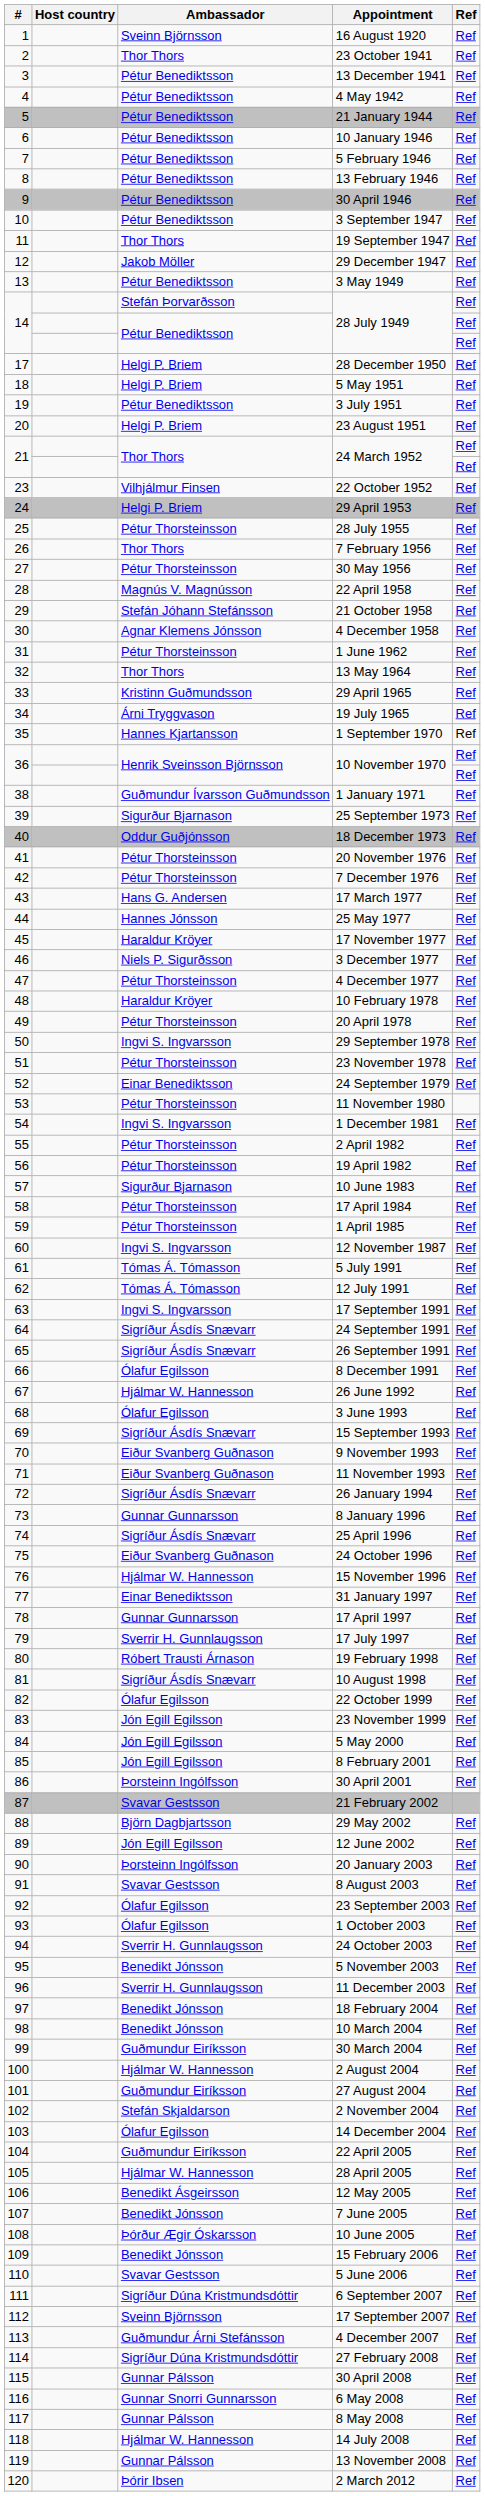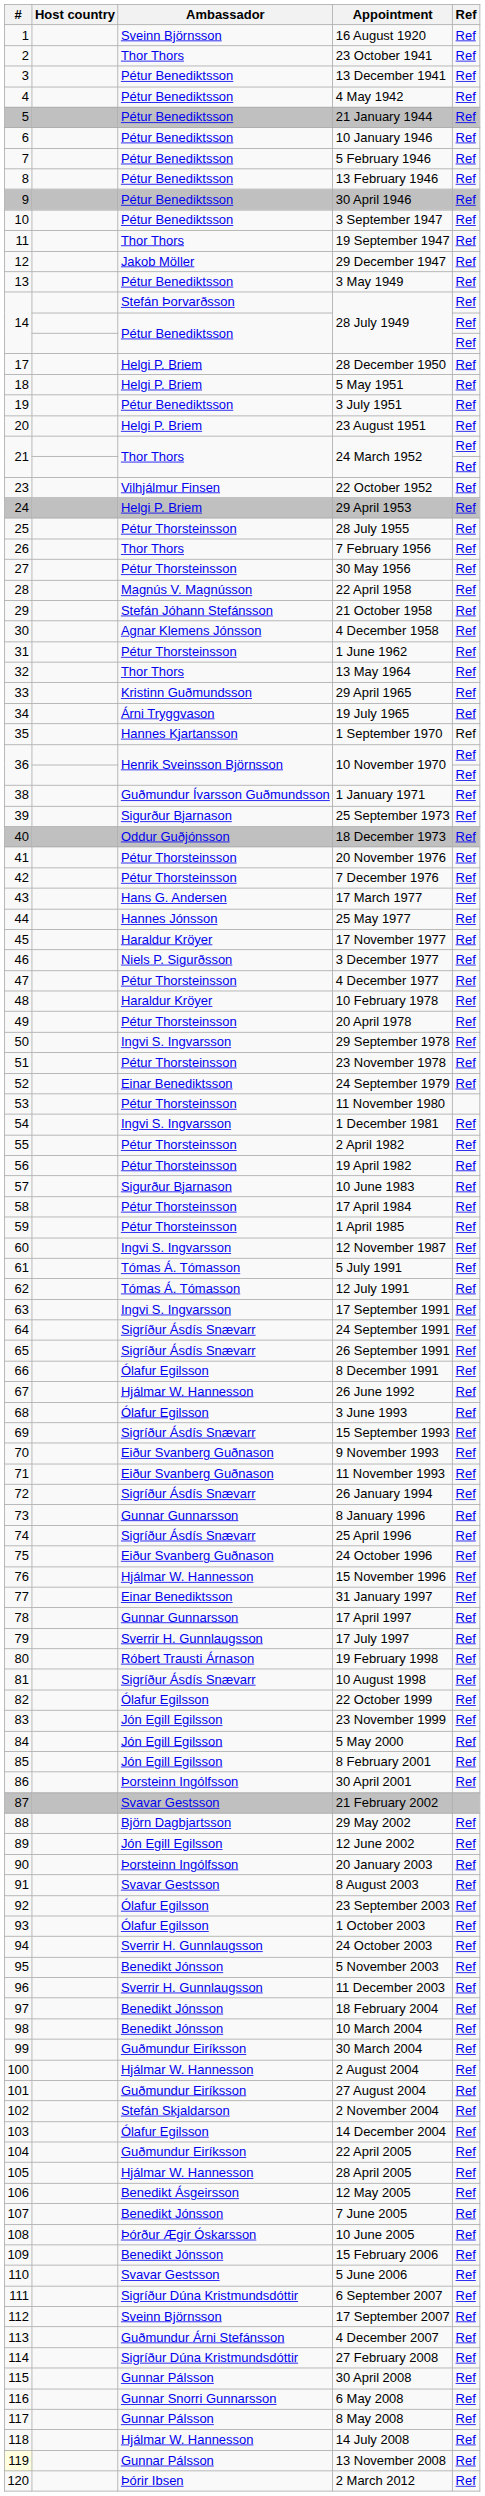 <table class="sortable wikitable">
 <tr>
 <th>#</th>
 <th>Host country</th>
 <th>Ambassador</th>
 <th>Appointment</th>
 <th>Ref</th>
 </tr>
 <tr>
 <td style="text-align: right;">1</td>
 <td></td>
 <td><a href='#'>Sveinn Björnsson</a></td>
 <td>16 August 1920</td>
 <td><a href='#'>Ref</a></td>
 </tr>
 <tr>
 <td style="text-align: right;">2</td>
 <td></td>
 <td><a href='#'>Thor Thors</a></td>
 <td>23 October 1941</td>
 <td><a href='#'>Ref</a></td>
 </tr>
 <tr>
 <td style="text-align: right;">3</td>
 <td></td>
 <td><a href='#'>Pétur Benediktsson</a></td>
 <td>13 December 1941</td>
 <td><a href='#'>Ref</a></td>
 </tr>
 <tr>
 <td style="text-align: right;">4</td>
 <td></td>
 <td><a href='#'>Pétur Benediktsson</a></td>
 <td>4 May 1942</td>
 <td><a href='#'>Ref</a></td>
 </tr>
 <tr style="background-color: silver;">
 <td style="text-align: right;">5</td>
 <td></td>
 <td><a href='#'>Pétur Benediktsson</a></td>
 <td>21 January 1944</td>
 <td><a href='#'>Ref</a></td>
 </tr>
 <tr>
 <td style="text-align: right;">6</td>
 <td></td>
 <td><a href='#'>Pétur Benediktsson</a></td>
 <td>10 January 1946</td>
 <td><a href='#'>Ref</a></td>
 </tr>
 <tr>
 <td style="text-align: right;">7</td>
 <td></td>
 <td><a href='#'>Pétur Benediktsson</a></td>
 <td>5 February 1946</td>
 <td><a href='#'>Ref</a></td>
 </tr>
 <tr>
 <td style="text-align: right;">8</td>
 <td></td>
 <td><a href='#'>Pétur Benediktsson</a></td>
 <td>13 February 1946</td>
 <td><a href='#'>Ref</a></td>
 </tr>
 <tr style="background-color: silver;">
 <td style="text-align: right;">9</td>
 <td></td>
 <td><a href='#'>Pétur Benediktsson</a></td>
 <td>30 April 1946</td>
 <td><a href='#'>Ref</a></td>
 </tr>
 <tr>
 <td style="text-align: right;">10</td>
 <td></td>
 <td><a href='#'>Pétur Benediktsson</a></td>
 <td>3 September 1947</td>
 <td><a href='#'>Ref</a></td>
 </tr>
 <tr>
 <td style="text-align: right;">11</td>
 <td></td>
 <td><a href='#'>Thor Thors</a></td>
 <td>19 September 1947</td>
 <td><a href='#'>Ref</a></td>
 </tr>
 <tr>
 <td style="text-align: right;">12</td>
 <td></td>
 <td><a href='#'>Jakob Möller</a></td>
 <td>29 December 1947</td>
 <td><a href='#'>Ref</a></td>
 </tr>
 <tr>
 <td style="text-align: right;">13</td>
 <td></td>
 <td><a href='#'>Pétur Benediktsson</a></td>
 <td>3 May 1949</td>
 <td><a href='#'>Ref</a></td>
 </tr>
 <tr>
 <td rowspan="3" style="text-align: right;">14</td>
 <td></td>
 <td><a href='#'>Stefán Þorvarðsson</a></td>
 <td rowspan="3">28 July 1949</td>
 <td><a href='#'>Ref</a></td>
 </tr>
 <tr>
 <td></td>
 <td rowspan="2"><a href='#'>Pétur Benediktsson</a></td>
 <td><a href='#'>Ref</a></td>
 </tr>
 <tr>
 <td></td>
 <td><a href='#'>Ref</a></td>
 </tr>
 <tr>
 <td style="text-align: right;">17</td>
 <td></td>
 <td><a href='#'>Helgi P. Briem</a></td>
 <td>28 December 1950</td>
 <td><a href='#'>Ref</a></td>
 </tr>
 <tr>
 <td style="text-align: right;">18</td>
 <td></td>
 <td><a href='#'>Helgi P. Briem</a></td>
 <td>5 May 1951</td>
 <td><a href='#'>Ref</a></td>
 </tr>
 <tr>
 <td style="text-align: right;">19</td>
 <td></td>
 <td><a href='#'>Pétur Benediktsson</a></td>
 <td>3 July 1951</td>
 <td><a href='#'>Ref</a></td>
 </tr>
 <tr>
 <td style="text-align: right;">20</td>
 <td></td>
 <td><a href='#'>Helgi P. Briem</a></td>
 <td>23 August 1951</td>
 <td><a href='#'>Ref</a></td>
 </tr>
 <tr>
 <td rowspan="2" style="text-align: right;">21</td>
 <td></td>
 <td rowspan="2"><a href='#'>Thor Thors</a></td>
 <td rowspan="2">24 March 1952</td>
 <td><a href='#'>Ref</a></td>
 </tr>
 <tr>
 <td></td>
 <td><a href='#'>Ref</a></td>
 </tr>
 <tr>
 <td style="text-align: right;">23</td>
 <td></td>
 <td><a href='#'>Vilhjálmur Finsen</a></td>
 <td>22 October 1952</td>
 <td><a href='#'>Ref</a></td>
 </tr>
 <tr style="background-color: silver;">
 <td style="text-align: right;">24</td>
 <td></td>
 <td><a href='#'>Helgi P. Briem</a></td>
 <td>29 April 1953</td>
 <td><a href='#'>Ref</a></td>
 </tr>
 <tr>
 <td style="text-align: right;">25</td>
 <td></td>
 <td><a href='#'>Pétur Thorsteinsson</a></td>
 <td>28 July 1955</td>
 <td><a href='#'>Ref</a></td>
 </tr>
 <tr>
 <td style="text-align: right;">26</td>
 <td></td>
 <td><a href='#'>Thor Thors</a></td>
 <td>7 February 1956</td>
 <td><a href='#'>Ref</a></td>
 </tr>
 <tr>
 <td style="text-align: right;">27</td>
 <td></td>
 <td><a href='#'>Pétur Thorsteinsson</a></td>
 <td>30 May 1956</td>
 <td><a href='#'>Ref</a></td>
 </tr>
 <tr>
 <td style="text-align: right;">28</td>
 <td></td>
 <td><a href='#'>Magnús V. Magnússon</a></td>
 <td>22 April 1958</td>
 <td><a href='#'>Ref</a></td>
 </tr>
 <tr>
 <td style="text-align: right;">29</td>
 <td></td>
 <td><a href='#'>Stefán Jóhann Stefánsson</a></td>
 <td>21 October 1958</td>
 <td><a href='#'>Ref</a></td>
 </tr>
 <tr>
 <td style="text-align: right;">30</td>
 <td></td>
 <td><a href='#'>Agnar Klemens Jónsson</a></td>
 <td>4 December 1958</td>
 <td><a href='#'>Ref</a></td>
 </tr>
 <tr>
 <td style="text-align: right;">31</td>
 <td></td>
 <td><a href='#'>Pétur Thorsteinsson</a></td>
 <td>1 June 1962</td>
 <td><a href='#'>Ref</a></td>
 </tr>
 <tr>
 <td style="text-align: right;">32</td>
 <td></td>
 <td><a href='#'>Thor Thors</a></td>
 <td>13 May 1964</td>
 <td><a href='#'>Ref</a></td>
 </tr>
 <tr>
 <td style="text-align: right;">33</td>
 <td></td>
 <td><a href='#'>Kristinn Guðmundsson</a></td>
 <td>29 April 1965</td>
 <td><a href='#'>Ref</a></td>
 </tr>
 <tr>
 <td style="text-align: right;">34</td>
 <td></td>
 <td><a href='#'>Árni Tryggvason</a></td>
 <td>19 July 1965</td>
 <td><a href='#'>Ref</a></td>
 </tr>
 <tr>
 <td style="text-align: right;">35</td>
 <td></td>
 <td><a href='#'>Hannes Kjartansson</a></td>
 <td>1 September 1970</td>
 <td>Ref</td>
 </tr>
 <tr>
 <td rowspan="2" style="text-align: right;">36</td>
 <td></td>
 <td rowspan="2"><a href='#'>Henrik Sveinsson Björnsson</a></td>
 <td rowspan="2">10 November 1970</td>
 <td><a href='#'>Ref</a></td>
 </tr>
 <tr>
 <td></td>
 <td><a href='#'>Ref</a></td>
 </tr>
 <tr>
 <td style="text-align: right;">38</td>
 <td></td>
 <td><a href='#'>Guðmundur Ívarsson Guðmundsson</a></td>
 <td>1 January 1971</td>
 <td><a href='#'>Ref</a></td>
 </tr>
 <tr>
 <td style="text-align: right;">39</td>
 <td></td>
 <td><a href='#'>Sigurður Bjarnason</a></td>
 <td>25 September 1973</td>
 <td><a href='#'>Ref</a></td>
 </tr>
 <tr style="background-color: silver;">
 <td style="text-align: right;">40</td>
 <td></td>
 <td><a href='#'>Oddur Guðjónsson</a></td>
 <td>18 December 1973</td>
 <td><a href='#'>Ref</a></td>
 </tr>
 <tr>
 <td style="text-align: right;">41</td>
 <td></td>
 <td><a href='#'>Pétur Thorsteinsson</a></td>
 <td>20 November 1976</td>
 <td><a href='#'>Ref</a></td>
 </tr>
 <tr>
 <td style="text-align: right;">42</td>
 <td></td>
 <td><a href='#'>Pétur Thorsteinsson</a></td>
 <td>7 December 1976</td>
 <td><a href='#'>Ref</a></td>
 </tr>
 <tr>
 <td style="text-align: right;">43</td>
 <td></td>
 <td><a href='#'>Hans G. Andersen</a></td>
 <td>17 March 1977</td>
 <td><a href='#'>Ref</a></td>
 </tr>
 <tr>
 <td style="text-align: right;">44</td>
 <td></td>
 <td><a href='#'>Hannes Jónsson</a></td>
 <td>25 May 1977</td>
 <td><a href='#'>Ref</a></td>
 </tr>
 <tr>
 <td style="text-align: right;">45</td>
 <td></td>
 <td><a href='#'>Haraldur Kröyer</a></td>
 <td>17 November 1977</td>
 <td><a href='#'>Ref</a></td>
 </tr>
 <tr>
 <td style="text-align: right;">46</td>
 <td></td>
 <td><a href='#'>Niels P. Sigurðsson</a></td>
 <td>3 December 1977</td>
 <td><a href='#'>Ref</a></td>
 </tr>
 <tr>
 <td style="text-align: right;">47</td>
 <td></td>
 <td><a href='#'>Pétur Thorsteinsson</a></td>
 <td>4 December 1977</td>
 <td><a href='#'>Ref</a></td>
 </tr>
 <tr>
 <td style="text-align: right;">48</td>
 <td></td>
 <td><a href='#'>Haraldur Kröyer</a></td>
 <td>10 February 1978</td>
 <td><a href='#'>Ref</a></td>
 </tr>
 <tr>
 <td style="text-align: right;">49</td>
 <td></td>
 <td><a href='#'>Pétur Thorsteinsson</a></td>
 <td>20 April 1978</td>
 <td><a href='#'>Ref</a></td>
 </tr>
 <tr>
 <td style="text-align: right;">50</td>
 <td></td>
 <td><a href='#'>Ingvi S. Ingvarsson</a></td>
 <td>29 September 1978</td>
 <td><a href='#'>Ref</a></td>
 </tr>
 <tr>
 <td style="text-align: right;">51</td>
 <td></td>
 <td><a href='#'>Pétur Thorsteinsson</a></td>
 <td>23 November 1978</td>
 <td><a href='#'>Ref</a></td>
 </tr>
 <tr>
 <td style="text-align: right;">52</td>
 <td></td>
 <td><a href='#'>Einar Benediktsson</a></td>
 <td>24 September 1979</td>
 <td><a href='#'>Ref</a></td>
 </tr>
 <tr>
 <td style="text-align: right;">53</td>
 <td></td>
 <td><a href='#'>Pétur Thorsteinsson</a></td>
 <td>11 November 1980</td>
 <td></td>
 </tr>
 <tr>
 <td style="text-align: right;">54</td>
 <td></td>
 <td><a href='#'>Ingvi S. Ingvarsson</a></td>
 <td>1 December 1981</td>
 <td><a href='#'>Ref</a></td>
 </tr>
 <tr>
 <td style="text-align: right;">55</td>
 <td></td>
 <td><a href='#'>Pétur Thorsteinsson</a></td>
 <td>2 April 1982</td>
 <td><a href='#'>Ref</a></td>
 </tr>
 <tr>
 <td style="text-align: right;">56</td>
 <td></td>
 <td><a href='#'>Pétur Thorsteinsson</a></td>
 <td>19 April 1982</td>
 <td><a href='#'>Ref</a></td>
 </tr>
 <tr>
 <td style="text-align: right;">57</td>
 <td></td>
 <td><a href='#'>Sigurður Bjarnason</a></td>
 <td>10 June 1983</td>
 <td><a href='#'>Ref</a></td>
 </tr>
 <tr>
 <td style="text-align: right;">58</td>
 <td></td>
 <td><a href='#'>Pétur Thorsteinsson</a></td>
 <td>17 April 1984</td>
 <td><a href='#'>Ref</a></td>
 </tr>
 <tr>
 <td style="text-align: right;">59</td>
 <td></td>
 <td><a href='#'>Pétur Thorsteinsson</a></td>
 <td>1 April 1985</td>
 <td><a href='#'>Ref</a></td>
 </tr>
 <tr>
 <td style="text-align: right;">60</td>
 <td></td>
 <td><a href='#'>Ingvi S. Ingvarsson</a></td>
 <td>12 November 1987</td>
 <td><a href='#'>Ref</a></td>
 </tr>
 <tr>
 <td style="text-align: right;">61</td>
 <td></td>
 <td><a href='#'>Tómas Á. Tómasson</a></td>
 <td>5 July 1991</td>
 <td><a href='#'>Ref</a></td>
 </tr>
 <tr>
 <td style="text-align: right;">62</td>
 <td></td>
 <td><a href='#'>Tómas Á. Tómasson</a></td>
 <td>12 July 1991</td>
 <td><a href='#'>Ref</a></td>
 </tr>
 <tr>
 <td style="text-align: right;">63</td>
 <td></td>
 <td><a href='#'>Ingvi S. Ingvarsson</a></td>
 <td>17 September 1991</td>
 <td><a href='#'>Ref</a></td>
 </tr>
 <tr>
 <td style="text-align: right;">64</td>
 <td></td>
 <td><a href='#'>Sigríður Ásdís Snævarr</a></td>
 <td>24 September 1991</td>
 <td><a href='#'>Ref</a></td>
 </tr>
 <tr>
 <td style="text-align: right;">65</td>
 <td></td>
 <td><a href='#'>Sigríður Ásdís Snævarr</a></td>
 <td>26 September 1991</td>
 <td><a href='#'>Ref</a></td>
 </tr>
 <tr>
 <td style="text-align: right;">66</td>
 <td></td>
 <td><a href='#'>Ólafur Egilsson</a></td>
 <td>8 December 1991</td>
 <td><a href='#'>Ref</a></td>
 </tr>
 <tr>
 <td style="text-align: right;">67</td>
 <td></td>
 <td><a href='#'>Hjálmar W. Hannesson</a></td>
 <td>26 June 1992</td>
 <td><a href='#'>Ref</a></td>
 </tr>
 <tr>
 <td style="text-align: right;">68</td>
 <td></td>
 <td><a href='#'>Ólafur Egilsson</a></td>
 <td>3 June 1993</td>
 <td><a href='#'>Ref</a></td>
 </tr>
 <tr>
 <td style="text-align: right;">69</td>
 <td></td>
 <td><a href='#'>Sigríður Ásdís Snævarr</a></td>
 <td>15 September 1993</td>
 <td><a href='#'>Ref</a></td>
 </tr>
 <tr>
 <td style="text-align: right;">70</td>
 <td></td>
 <td><a href='#'>Eiður Svanberg Guðnason</a></td>
 <td>9 November 1993</td>
 <td><a href='#'>Ref</a></td>
 </tr>
 <tr>
 <td style="text-align: right;">71</td>
 <td></td>
 <td><a href='#'>Eiður Svanberg Guðnason</a></td>
 <td>11 November 1993</td>
 <td><a href='#'>Ref</a></td>
 </tr>
 <tr>
 <td style="text-align: right;">72</td>
 <td></td>
 <td><a href='#'>Sigríður Ásdís Snævarr</a></td>
 <td>26 January 1994</td>
 <td><a href='#'>Ref</a></td>
 </tr>
 <tr>
 <td style="text-align: right;">73</td>
 <td></td>
 <td><a href='#'>Gunnar Gunnarsson</a></td>
 <td>8 January 1996</td>
 <td><a href='#'>Ref</a></td>
 </tr>
 <tr>
 <td style="text-align: right;">74</td>
 <td></td>
 <td><a href='#'>Sigríður Ásdís Snævarr</a></td>
 <td>25 April 1996</td>
 <td><a href='#'>Ref</a></td>
 </tr>
 <tr>
 <td style="text-align: right;">75</td>
 <td></td>
 <td><a href='#'>Eiður Svanberg Guðnason</a></td>
 <td>24 October 1996</td>
 <td><a href='#'>Ref</a></td>
 </tr>
 <tr>
 <td style="text-align: right;">76</td>
 <td></td>
 <td><a href='#'>Hjálmar W. Hannesson</a></td>
 <td>15 November 1996</td>
 <td><a href='#'>Ref</a></td>
 </tr>
 <tr>
 <td style="text-align: right;">77</td>
 <td></td>
 <td><a href='#'>Einar Benediktsson</a></td>
 <td>31 January 1997</td>
 <td><a href='#'>Ref</a></td>
 </tr>
 <tr>
 <td style="text-align: right;">78</td>
 <td></td>
 <td><a href='#'>Gunnar Gunnarsson</a></td>
 <td>17 April 1997</td>
 <td><a href='#'>Ref</a></td>
 </tr>
 <tr>
 <td style="text-align: right;">79</td>
 <td></td>
 <td><a href='#'>Sverrir H. Gunnlaugsson</a></td>
 <td>17 July 1997</td>
 <td><a href='#'>Ref</a></td>
 </tr>
 <tr>
 <td style="text-align: right;">80</td>
 <td></td>
 <td><a href='#'>Róbert Trausti Árnason</a></td>
 <td>19 February 1998</td>
 <td><a href='#'>Ref</a></td>
 </tr>
 <tr>
 <td style="text-align: right;">81</td>
 <td></td>
 <td><a href='#'>Sigríður Ásdís Snævarr</a></td>
 <td>10 August 1998</td>
 <td><a href='#'>Ref</a></td>
 </tr>
 <tr>
 <td style="text-align: right;">82</td>
 <td></td>
 <td><a href='#'>Ólafur Egilsson</a></td>
 <td>22 October 1999</td>
 <td><a href='#'>Ref</a></td>
 </tr>
 <tr>
 <td style="text-align: right;">83</td>
 <td></td>
 <td><a href='#'>Jón Egill Egilsson</a></td>
 <td>23 November 1999</td>
 <td><a href='#'>Ref</a></td>
 </tr>
 <tr>
 <td style="text-align: right;">84</td>
 <td></td>
 <td><a href='#'>Jón Egill Egilsson</a></td>
 <td>5 May 2000</td>
 <td><a href='#'>Ref</a></td>
 </tr>
 <tr>
 <td style="text-align: right;">85</td>
 <td></td>
 <td><a href='#'>Jón Egill Egilsson</a></td>
 <td>8 February 2001</td>
 <td><a href='#'>Ref</a></td>
 </tr>
 <tr>
 <td style="text-align: right;">86</td>
 <td></td>
 <td><a href='#'>Þorsteinn Ingólfsson</a></td>
 <td>30 April 2001</td>
 <td><a href='#'>Ref</a></td>
 </tr>
 <tr style="background-color: silver;">
 <td style="text-align: right;">87</td>
 <td></td>
 <td><a href='#'>Svavar Gestsson</a></td>
 <td>21 February 2002</td>
 <td></td>
 </tr>
 <tr>
 <td style="text-align: right;">88</td>
 <td></td>
 <td><a href='#'>Björn Dagbjartsson</a></td>
 <td>29 May 2002</td>
 <td><a href='#'>Ref</a></td>
 </tr>
 <tr>
 <td style="text-align: right;">89</td>
 <td></td>
 <td><a href='#'>Jón Egill Egilsson</a></td>
 <td>12 June 2002</td>
 <td><a href='#'>Ref</a></td>
 </tr>
 <tr>
 <td style="text-align: right;">90</td>
 <td></td>
 <td><a href='#'>Þorsteinn Ingólfsson</a></td>
 <td>20 January 2003</td>
 <td><a href='#'>Ref</a></td>
 </tr>
 <tr>
 <td style="text-align: right;">91</td>
 <td></td>
 <td><a href='#'>Svavar Gestsson</a></td>
 <td>8 August 2003</td>
 <td><a href='#'>Ref</a></td>
 </tr>
 <tr>
 <td style="text-align: right;">92</td>
 <td></td>
 <td><a href='#'>Ólafur Egilsson</a></td>
 <td>23 September 2003</td>
 <td><a href='#'>Ref</a></td>
 </tr>
 <tr>
 <td style="text-align: right;">93</td>
 <td></td>
 <td><a href='#'>Ólafur Egilsson</a></td>
 <td>1 October 2003</td>
 <td><a href='#'>Ref</a></td>
 </tr>
 <tr>
 <td style="text-align: right;">94</td>
 <td></td>
 <td><a href='#'>Sverrir H. Gunnlaugsson</a></td>
 <td>24 October 2003</td>
 <td><a href='#'>Ref</a></td>
 </tr>
 <tr>
 <td style="text-align: right;">95</td>
 <td></td>
 <td><a href='#'>Benedikt Jónsson</a></td>
 <td>5 November 2003</td>
 <td><a href='#'>Ref</a></td>
 </tr>
 <tr>
 <td style="text-align: right;">96</td>
 <td></td>
 <td><a href='#'>Sverrir H. Gunnlaugsson</a></td>
 <td>11 December 2003</td>
 <td><a href='#'>Ref</a></td>
 </tr>
 <tr>
 <td style="text-align: right;">97</td>
 <td></td>
 <td><a href='#'>Benedikt Jónsson</a></td>
 <td>18 February 2004</td>
 <td><a href='#'>Ref</a></td>
 </tr>
 <tr>
 <td style="text-align: right;">98</td>
 <td></td>
 <td><a href='#'>Benedikt Jónsson</a></td>
 <td>10 March 2004</td>
 <td><a href='#'>Ref</a></td>
 </tr>
 <tr>
 <td style="text-align: right;">99</td>
 <td></td>
 <td><a href='#'>Guðmundur Eiríksson</a></td>
 <td>30 March 2004</td>
 <td><a href='#'>Ref</a></td>
 </tr>
 <tr>
 <td style="text-align: right;">100</td>
 <td></td>
 <td><a href='#'>Hjálmar W. Hannesson</a></td>
 <td>2 August 2004</td>
 <td><a href='#'>Ref</a></td>
 </tr>
 <tr>
 <td style="text-align: right;">101</td>
 <td></td>
 <td><a href='#'>Guðmundur Eiríksson</a></td>
 <td>27 August 2004</td>
 <td><a href='#'>Ref</a></td>
 </tr>
 <tr>
 <td style="text-align: right;">102</td>
 <td></td>
 <td><a href='#'>Stefán Skjaldarson</a></td>
 <td>2 November 2004</td>
 <td><a href='#'>Ref</a></td>
 </tr>
 <tr>
 <td style="text-align: right;">103</td>
 <td></td>
 <td><a href='#'>Ólafur Egilsson</a></td>
 <td>14 December 2004</td>
 <td><a href='#'>Ref</a></td>
 </tr>
 <tr>
 <td style="text-align: right;">104</td>
 <td></td>
 <td><a href='#'>Guðmundur Eiríksson</a></td>
 <td>22 April 2005</td>
 <td><a href='#'>Ref</a></td>
 </tr>
 <tr>
 <td style="text-align: right;">105</td>
 <td></td>
 <td><a href='#'>Hjálmar W. Hannesson</a></td>
 <td>28 April 2005</td>
 <td><a href='#'>Ref</a></td>
 </tr>
 <tr>
 <td style="text-align: right;">106</td>
 <td></td>
 <td><a href='#'>Benedikt Ásgeirsson</a></td>
 <td>12 May 2005</td>
 <td><a href='#'>Ref</a></td>
 </tr>
 <tr>
 <td style="text-align: right;">107</td>
 <td></td>
 <td><a href='#'>Benedikt Jónsson</a></td>
 <td>7 June 2005</td>
 <td><a href='#'>Ref</a></td>
 </tr>
 <tr>
 <td style="text-align: right;">108</td>
 <td></td>
 <td><a href='#'>Þórður Ægir Óskarsson</a></td>
 <td>10 June 2005</td>
 <td><a href='#'>Ref</a></td>
 </tr>
 <tr>
 <td style="text-align: right;">109</td>
 <td></td>
 <td><a href='#'>Benedikt Jónsson</a></td>
 <td>15 February 2006</td>
 <td><a href='#'>Ref</a></td>
 </tr>
 <tr>
 <td style="text-align: right;">110</td>
 <td></td>
 <td><a href='#'>Svavar Gestsson</a></td>
 <td>5 June 2006</td>
 <td><a href='#'>Ref</a></td>
 </tr>
 <tr>
 <td style="text-align: right;">111</td>
 <td></td>
 <td><a href='#'>Sigríður Dúna Kristmundsdóttir</a></td>
 <td>6 September 2007</td>
 <td><a href='#'>Ref</a></td>
 </tr>
 <tr>
 <td style="text-align: right;">112</td>
 <td></td>
 <td><a href='#'>Sveinn Björnsson</a></td>
 <td>17 September 2007</td>
 <td><a href='#'>Ref</a></td>
 </tr>
 <tr>
 <td style="text-align: right;">113</td>
 <td></td>
 <td><a href='#'>Guðmundur Árni Stefánsson</a></td>
 <td>4 December 2007</td>
 <td><a href='#'>Ref</a></td>
 </tr>
 <tr>
 <td style="text-align: right;">114</td>
 <td></td>
 <td><a href='#'>Sigríður Dúna Kristmundsdóttir</a></td>
 <td>27 February 2008</td>
 <td><a href='#'>Ref</a></td>
 </tr>
 <tr>
 <td style="text-align: right;">115</td>
 <td></td>
 <td><a href='#'>Gunnar Pálsson</a></td>
 <td>30 April 2008</td>
 <td><a href='#'>Ref</a></td>
 </tr>
 <tr>
 <td style="text-align: right;">116</td>
 <td></td>
 <td><a href='#'>Gunnar Snorri Gunnarsson</a></td>
 <td>6 May 2008</td>
 <td><a href='#'>Ref</a></td>
 </tr>
 <tr>
 <td style="text-align: right;">117</td>
 <td></td>
 <td><a href='#'>Gunnar Pálsson</a></td>
 <td>8 May 2008</td>
 <td><a href='#'>Ref</a></td>
 </tr>
 <tr>
 <td style="text-align: right;">118</td>
 <td></td>
 <td><a href='#'>Hjálmar W. Hannesson</a></td>
 <td>14 July 2008</td>
 <td><a href='#'>Ref</a></td>
 </tr>
 <tr>
-<td style="text-align: right;">119</td>
+<td style="background: lightyellow; text-align: right;">119</td>
 <td></td>
 <td><a href='#'>Gunnar Pálsson</a></td>
 <td>13 November 2008</td>
 <td><a href='#'>Ref</a></td>
 </tr>
 <tr>
 <td style="text-align: right;">120</td>
 <td></td>
 <td><a href='#'>Þórir Ibsen</a></td>
 <td>2 March 2012</td>
 <td><a href='#'>Ref</a></td>
 </tr>
 </table>
